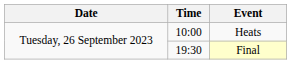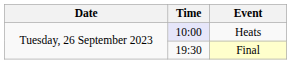 <table class = "wikitable" style="text-align:center;">
 <tr>
 <th width=220>Date</th>
 <th width=50>Time</th>
 <th width=100>Event</th>
 </tr>
 <tr>
 <td rowspan=2>Tuesday, 26 September 2023</td>
-<td>10:00</td>
+<td style="background: lavender;">10:00</td>
 <td>Heats</td>
 </tr>
 <tr>
 <td>19:30</td>
 <td bgcolor=ffffcc>Final</td>
 </tr>
 </table>
